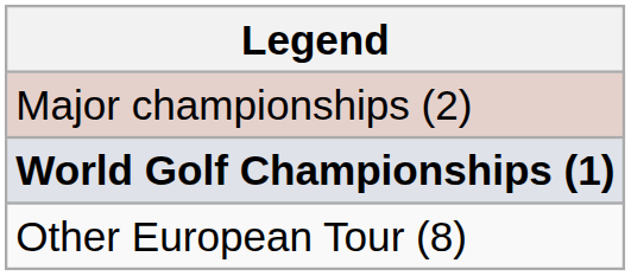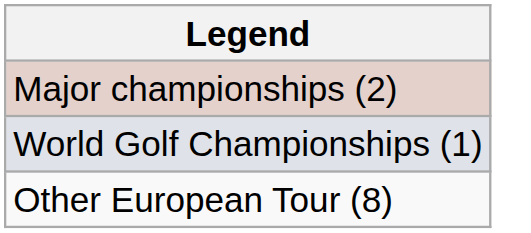 <table class="wikitable" style="font-size:95%;">
 <tr>
 <th>Legend</th>
 </tr>
 <tr style="background:#e5d1cb;">
 <td>Major championships (2)</td>
 </tr>
 <tr style="background:#dfe2e9;">
-<td><strong>World Golf Championships (1)</strong></td>
+<td>World Golf Championships (1)</td>
 </tr>
 <tr>
 <td>Other European Tour (8)</td>
 </tr>
 </table>
